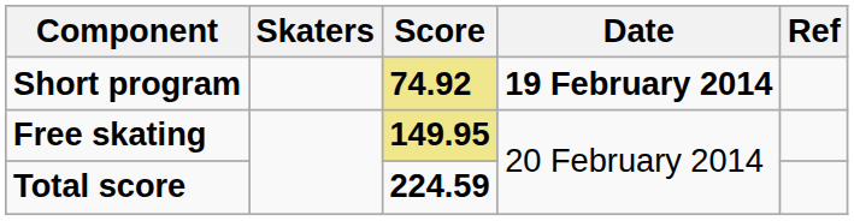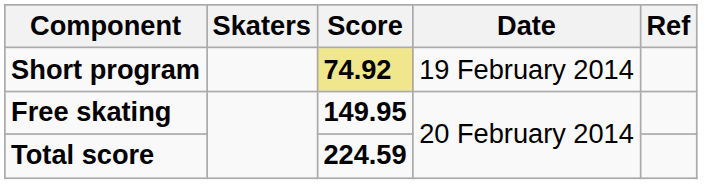 <table class=wikitable>
 <tr>
 <th>Component</th>
 <th>Skaters</th>
 <th>Score</th>
 <th>Date</th>
 <th>Ref</th>
 </tr>
 <tr>
 <td><strong>Short program</strong></td>
 <td></td>
 <td style="background: khaki;"><strong>74.92</strong></td>
-<td><strong>19 February 2014</strong></td>
+<td>19 February 2014</td>
 <td></td>
 </tr>
 <tr>
 <td><strong>Free skating</strong></td>
 <td rowspan=2></td>
-<td style="background: khaki;"><strong>149.95</strong></td>
+<td><strong>149.95</strong></td>
 <td rowspan=2>20 February 2014</td>
 <td></td>
 </tr>
 <tr>
 <td><strong>Total score</strong></td>
 <td><strong>224.59</strong></td>
 <td></td>
 </tr>
 </table>
